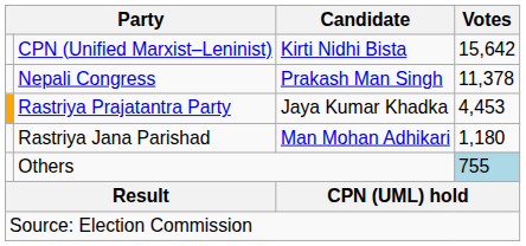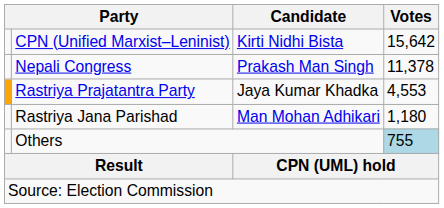 <table class="wikitable">
 <tr>
 <th colspan="2">Party</th>
 <th>Candidate</th>
 <th>Votes</th>
 </tr>
 <tr>
 <td style="background-color:"></td>
 <td><a href='#'>CPN (Unified Marxist–Leninist)</a></td>
 <td><a href='#'>Kirti Nidhi Bista</a></td>
 <td>15,642</td>
 </tr>
 <tr>
 <td style="background-color:"></td>
 <td><a href='#'>Nepali Congress</a></td>
 <td><a href='#'>Prakash Man Singh</a></td>
 <td>11,378</td>
 </tr>
 <tr>
 <td style="background-color:orange"></td>
 <td><a href='#'>Rastriya Prajatantra Party</a></td>
 <td>Jaya Kumar Khadka</td>
-<td>4,453</td>
+<td>4,553</td>
 </tr>
 <tr>
 <td></td>
 <td>Rastriya Jana Parishad</td>
 <td><a href='#'>Man Mohan Adhikari</a></td>
 <td>1,180</td>
 </tr>
 <tr>
 <td></td>
 <td colspan="2">Others</td>
 <td style="background: lightblue;">755</td>
 </tr>
 <tr>
 <th colspan="2">Result</th>
 <th colspan="2">CPN (UML) hold</th>
 </tr>
 <tr>
 <td colspan="4">Source: Election Commission</td>
 </tr>
 </table>
